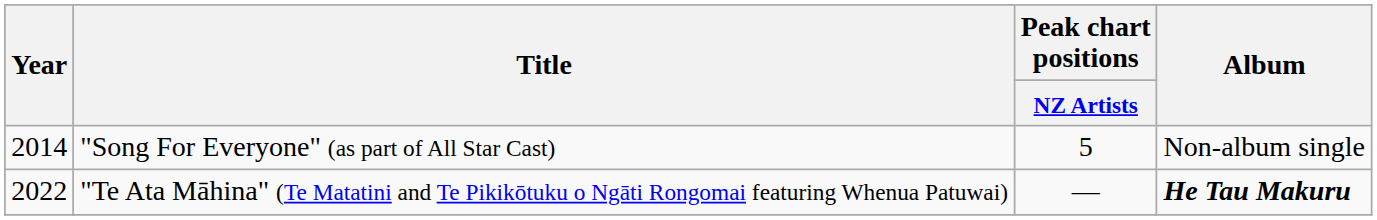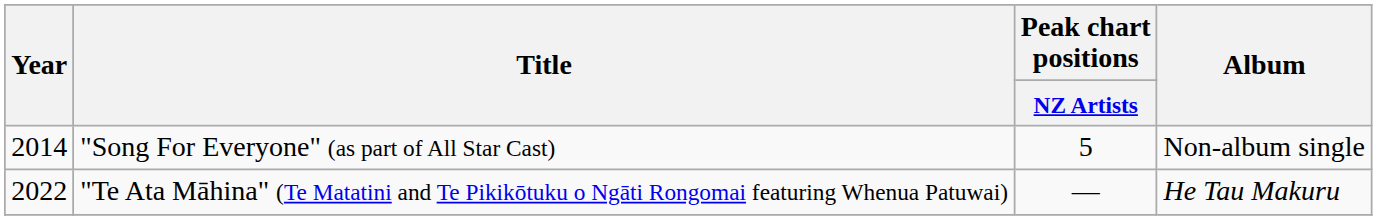 <table class="wikitable plainrowheaders">
 <tr>
 <th rowspan="2"  width="1em">Year</th>
 <th rowspan="2">Title</th>
 <th>Peak chart<br>positions</th>
 <th rowspan="2">Album</th>
 </tr>
 <tr>
 <th><small><a href='#'>NZ Artists</a></small></th>
 </tr>
 <tr>
 <td>2014</td>
 <td>"Song For Everyone" <small>(as part of All Star Cast)</small></td>
 <td align="center">5</td>
 <td>Non-album single</td>
 </tr>
 <tr>
 <td>2022</td>
 <td>"Te Ata Māhina" <small>(<a href='#'>Te Matatini</a> and <a href='#'>Te Pikikōtuku o Ngāti Rongomai</a> featuring Whenua Patuwai)</small></td>
 <td align="center">—</td>
-<td><strong><em>He Tau Makuru</em></strong></td>
+<td><em>He Tau Makuru</em></td>
 </tr>
 </table>
